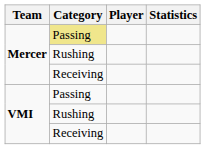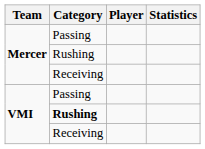 <table class="wikitable" style="float: right;">
 <tr>
 <th>Team</th>
 <th>Category</th>
 <th>Player</th>
 <th>Statistics</th>
 </tr>
 <tr>
 <td rowspan=3><strong>Mercer</strong></td>
-<td style="background: khaki;">Passing</td>
+<td>Passing</td>
 <td></td>
 <td></td>
 </tr>
 <tr>
 <td>Rushing</td>
 <td></td>
 <td></td>
 </tr>
 <tr>
 <td>Receiving</td>
 <td></td>
 <td></td>
 </tr>
 <tr>
 <td rowspan=3><strong>VMI</strong></td>
 <td>Passing</td>
 <td></td>
 <td></td>
 </tr>
 <tr>
-<td>Rushing</td>
+<td><strong>Rushing</strong></td>
 <td></td>
 <td></td>
 </tr>
 <tr>
 <td>Receiving</td>
 <td></td>
 <td></td>
 </tr>
 </table>
